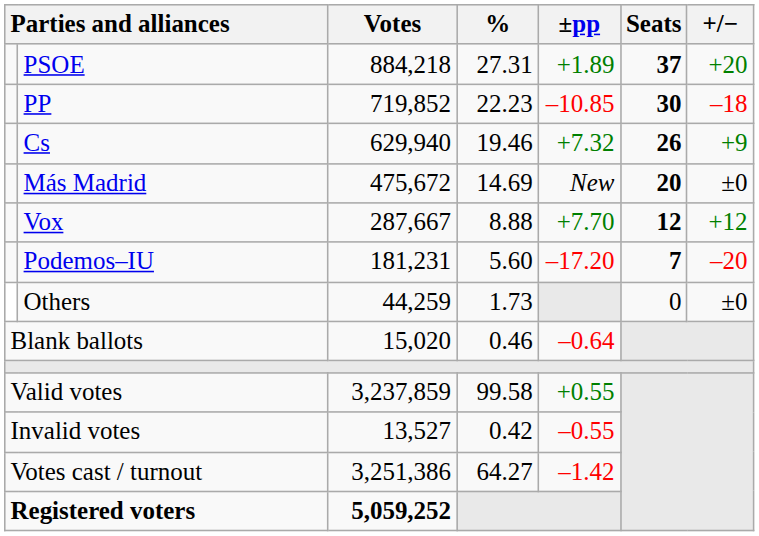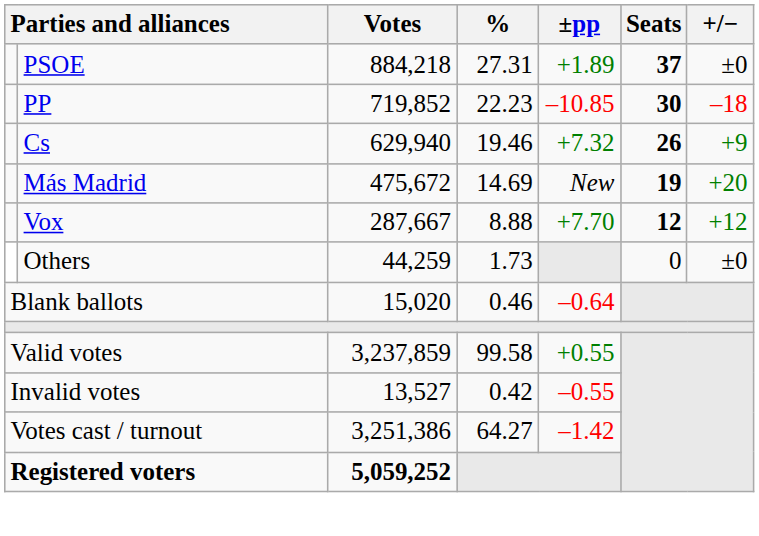 <table class="wikitable" style="text-align:right;">
 <tr>
 <th style="text-align:left;" colspan="2" width="200">Parties and alliances</th>
 <th width="75">Votes</th>
 <th width="45">%</th>
 <th width="45">±<a href='#'>pp</a></th>
 <th width="35">Seats</th>
 <th width="35">+/−</th>
 </tr>
 <tr>
 <td width="1" style="color:inherit;background:"></td>
 <td align="left"><a href='#'>PSOE</a></td>
 <td>884,218</td>
 <td>27.31</td>
 <td style="color:green;">+1.89</td>
 <td><strong>37</strong></td>
-<td style="color:green;">+20</td>
+<td>±0</td>
 </tr>
 <tr>
 <td style="color:inherit;background:"></td>
 <td align="left"><a href='#'>PP</a></td>
 <td>719,852</td>
 <td>22.23</td>
 <td style="color:red;">–10.85</td>
 <td><strong>30</strong></td>
 <td style="color:red;">–18</td>
 </tr>
 <tr>
 <td style="color:inherit;background:"></td>
 <td align="left"><a href='#'>Cs</a></td>
 <td>629,940</td>
 <td>19.46</td>
 <td style="color:green;">+7.32</td>
 <td><strong>26</strong></td>
 <td style="color:green;">+9</td>
 </tr>
 <tr>
 <td style="color:inherit;background:"></td>
 <td align="left"><a href='#'>Más Madrid</a></td>
 <td>475,672</td>
 <td>14.69</td>
 <td><em>New</em></td>
-<td><strong>20</strong></td>
-<td>±0</td>
+<td><strong>19</strong></td>
+<td style="color:green;">+20</td>
 </tr>
 <tr>
 <td style="color:inherit;background:"></td>
 <td align="left"><a href='#'>Vox</a></td>
 <td>287,667</td>
 <td>8.88</td>
 <td style="color:green;">+7.70</td>
 <td><strong>12</strong></td>
 <td style="color:green;">+12</td>
-</tr>
-<tr>
-<td style="color:inherit;background:"></td>
-<td align="left"><a href='#'>Podemos–IU</a></td>
-<td>181,231</td>
-<td>5.60</td>
-<td style="color:red;">–17.20</td>
-<td><strong>7</strong></td>
-<td style="color:red;">–20</td>
 </tr>
 <tr>
 <td bgcolor="white"></td>
 <td align="left">Others</td>
 <td>44,259</td>
 <td>1.73</td>
 <td bgcolor="#E9E9E9"></td>
 <td>0</td>
 <td>±0</td>
 </tr>
 <tr>
 <td align="left" colspan="2">Blank ballots</td>
 <td>15,020</td>
 <td>0.46</td>
 <td style="color:red;">–0.64</td>
 <td bgcolor="#E9E9E9" colspan="2"></td>
 </tr>
 <tr>
 <td colspan="7" bgcolor="#E9E9E9"></td>
 </tr>
 <tr>
 <td align="left" colspan="2">Valid votes</td>
 <td>3,237,859</td>
 <td>99.58</td>
 <td style="color:green;">+0.55</td>
 <td bgcolor="#E9E9E9" colspan="2" rowspan="4"></td>
 </tr>
 <tr>
 <td align="left" colspan="2">Invalid votes</td>
 <td>13,527</td>
 <td>0.42</td>
 <td style="color:red;">–0.55</td>
 </tr>
 <tr>
 <td align="left" colspan="2">Votes cast / turnout</td>
 <td>3,251,386</td>
 <td>64.27</td>
 <td style="color:red;">–1.42</td>
 </tr>
 <tr style="font-weight:bold;">
 <td align="left" colspan="2">Registered voters</td>
 <td>5,059,252</td>
 <td bgcolor="#E9E9E9" colspan="2"></td>
 </tr>
 </table>
